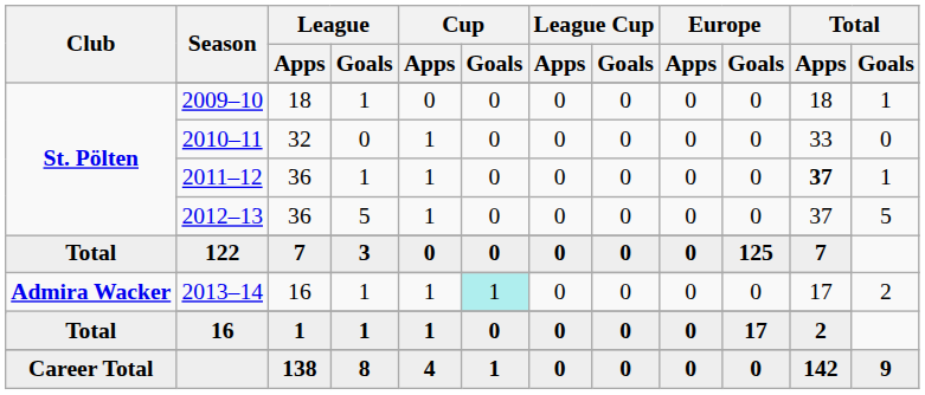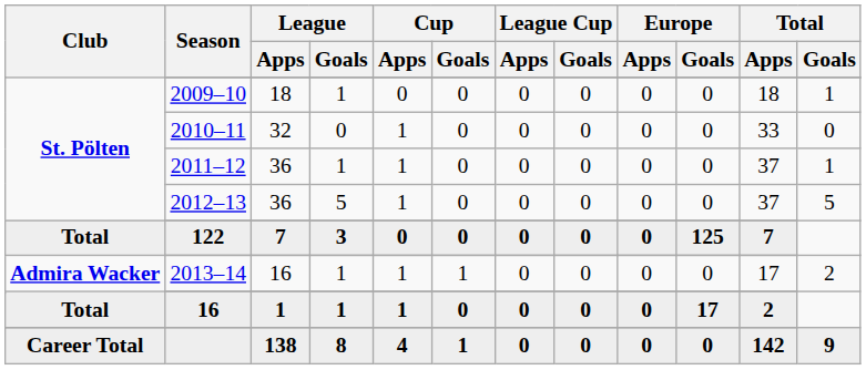 <table class="wikitable" style="font-size:90%; text-align: center;">
 <tr>
 <th rowspan="2">Club</th>
 <th rowspan="2">Season</th>
 <th colspan="2">League</th>
 <th colspan="2">Cup</th>
 <th colspan="2">League Cup</th>
 <th colspan="2">Europe</th>
 <th colspan="2">Total</th>
 </tr>
 <tr>
 <th>Apps</th>
 <th>Goals</th>
 <th>Apps</th>
 <th>Goals</th>
 <th>Apps</th>
 <th>Goals</th>
 <th>Apps</th>
 <th>Goals</th>
 <th>Apps</th>
 <th>Goals</th>
 </tr>
 <tr ||-||-||-|->
 <td rowspan="6" valign="center"><strong><a href='#'>St. Pölten</a></strong></td>
 </tr>
 <tr>
 <td><a href='#'>2009–10</a></td>
 <td>18</td>
 <td>1</td>
 <td>0</td>
 <td>0</td>
 <td>0</td>
 <td>0</td>
 <td>0</td>
 <td>0</td>
 <td>18</td>
 <td>1</td>
 </tr>
 <tr>
 <td><a href='#'>2010–11</a></td>
 <td>32</td>
 <td>0</td>
 <td>1</td>
 <td>0</td>
 <td>0</td>
 <td>0</td>
 <td>0</td>
 <td>0</td>
 <td>33</td>
 <td>0</td>
 </tr>
 <tr>
 <td><a href='#'>2011–12</a></td>
 <td>36</td>
 <td>1</td>
 <td>1</td>
 <td>0</td>
 <td>0</td>
 <td>0</td>
 <td>0</td>
 <td>0</td>
-<td><strong>37</strong></td>
+<td>37</td>
 <td>1</td>
 </tr>
 <tr>
 <td><a href='#'>2012–13</a></td>
 <td>36</td>
 <td>5</td>
 <td>1</td>
 <td>0</td>
 <td>0</td>
 <td>0</td>
 <td>0</td>
 <td>0</td>
 <td>37</td>
 <td>5</td>
 </tr>
 <tr>
 </tr>
 <tr style="font-weight:bold; background-color:#eeeeee;">
 <td>Total</td>
 <td>122</td>
 <td>7</td>
 <td>3</td>
 <td>0</td>
 <td>0</td>
 <td>0</td>
 <td>0</td>
 <td>0</td>
 <td>125</td>
 <td>7</td>
 </tr>
 <tr>
 <td rowspan="3" valign="center"><strong><a href='#'>Admira Wacker</a></strong></td>
 </tr>
 <tr>
 <td><a href='#'>2013–14</a></td>
 <td>16</td>
 <td>1</td>
 <td>1</td>
-<td style="background: paleturquoise;">1</td>
+<td>1</td>
 <td>0</td>
 <td>0</td>
 <td>0</td>
 <td>0</td>
 <td>17</td>
 <td>2</td>
 </tr>
 <tr>
 </tr>
 <tr style="font-weight:bold; background-color:#eeeeee;">
 <td>Total</td>
 <td>16</td>
 <td>1</td>
 <td>1</td>
 <td>1</td>
 <td>0</td>
 <td>0</td>
 <td>0</td>
 <td>0</td>
 <td>17</td>
 <td>2</td>
 </tr>
 <tr>
 </tr>
 <tr style="font-weight:bold; background-color:#eeeeee;">
 <td rowspan="2" valign="top"><strong>Career Total</strong></td>
 <td></td>
 <td><strong>138</strong></td>
 <td><strong>8</strong></td>
 <td><strong>4</strong></td>
 <td><strong>1</strong></td>
 <td><strong>0</strong></td>
 <td><strong>0</strong></td>
 <td><strong>0</strong></td>
 <td><strong>0</strong></td>
 <td><strong>142</strong></td>
 <td><strong>9</strong></td>
 </tr>
 </table>
